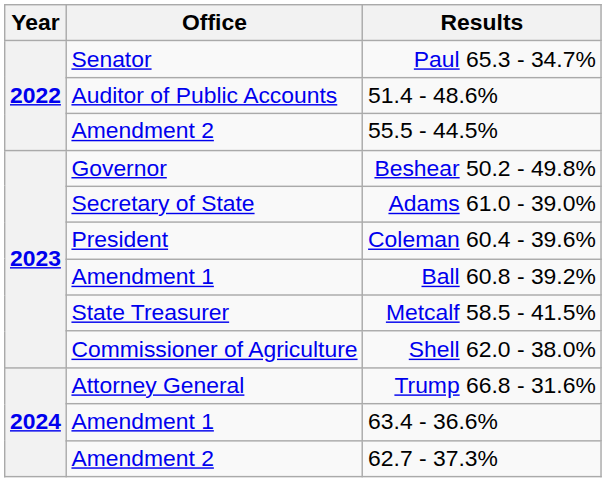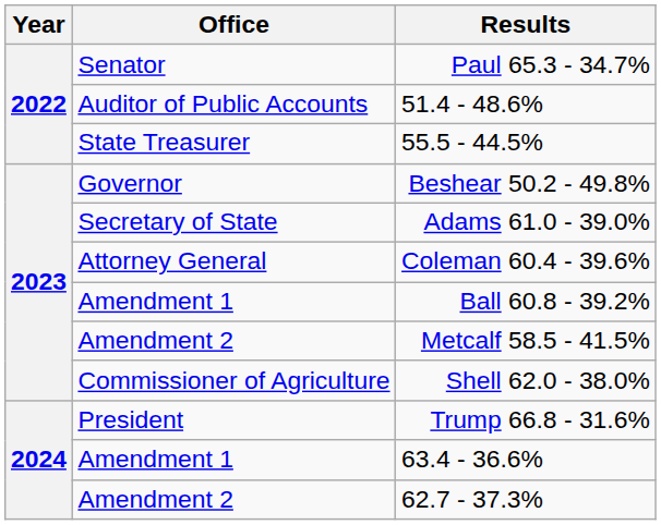 <table class=wikitable>
 <tr>
 <th>Year</th>
 <th>Office</th>
 <th>Results</th>
 </tr>
 <tr>
 <th rowspan=3><a href='#'>2022</a></th>
 <td><a href='#'>Senator</a></td>
 <td align="right" ><a href='#'>Paul</a> 65.3 - 34.7%</td>
 </tr>
 <tr>
 <td><a href='#'>Auditor of Public Accounts</a></td>
 <td> 51.4 - 48.6%</td>
 </tr>
 <tr>
-<td><a href='#'>Amendment 2</a></td>
+<td><a href='#'>State Treasurer</a></td>
 <td> 55.5 - 44.5%</td>
 </tr>
 <tr>
 <th rowspan=6><a href='#'>2023</a></th>
 <td><a href='#'>Governor</a></td>
 <td align="right" ><a href='#'>Beshear</a> 50.2 - 49.8%</td>
 </tr>
 <tr>
 <td><a href='#'>Secretary of State</a></td>
 <td align="right" ><a href='#'>Adams</a> 61.0 - 39.0%</td>
 </tr>
 <tr>
-<td><a href='#'>President</a></td>
+<td><a href='#'>Attorney General</a></td>
 <td align="right" ><a href='#'>Coleman</a> 60.4 - 39.6%</td>
 </tr>
 <tr>
 <td><a href='#'>Amendment 1</a></td>
 <td align="right" ><a href='#'>Ball</a> 60.8 - 39.2%</td>
 </tr>
 <tr>
-<td><a href='#'>State Treasurer</a></td>
+<td><a href='#'>Amendment 2</a></td>
 <td align="right" ><a href='#'>Metcalf</a> 58.5 - 41.5%</td>
 </tr>
 <tr>
 <td><a href='#'>Commissioner of Agriculture</a></td>
 <td align="right" ><a href='#'>Shell</a> 62.0 - 38.0%</td>
 </tr>
 <tr>
 <th rowspan=3><a href='#'>2024</a></th>
-<td><a href='#'>Attorney General</a></td>
+<td><a href='#'>President</a></td>
 <td align="right" ><a href='#'>Trump</a> 66.8 - 31.6%</td>
 </tr>
 <tr>
 <td><a href='#'>Amendment 1</a></td>
 <td> 63.4 - 36.6%</td>
 </tr>
 <tr>
 <td><a href='#'>Amendment 2</a></td>
 <td> 62.7 - 37.3%</td>
 </tr>
 </table>
